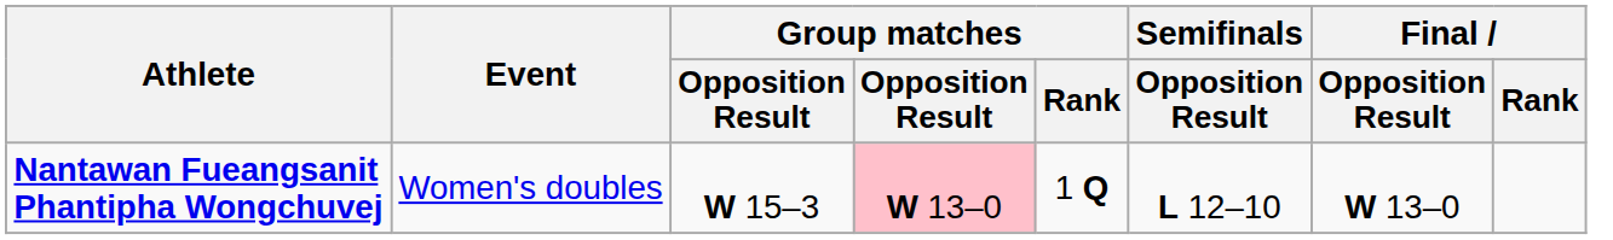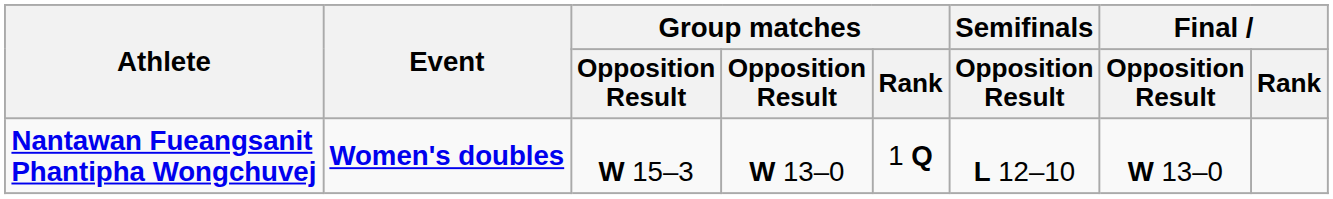 <table class="wikitable" style="font-size:90%">
 <tr>
 <th rowspan="2">Athlete</th>
 <th rowspan="2">Event</th>
 <th colspan="3">Group matches</th>
 <th>Semifinals</th>
 <th colspan=2>Final / </th>
 </tr>
 <tr style="font-size:95%">
 <th>Opposition<br>Result</th>
 <th>Opposition<br>Result</th>
 <th>Rank</th>
 <th>Opposition<br>Result</th>
 <th>Opposition<br>Result</th>
 <th>Rank</th>
 </tr>
 <tr align=center>
 <td align=left><strong><a href='#'>Nantawan Fueangsanit</a> <br><a href='#'>Phantipha Wongchuvej</a></strong></td>
-<td align=left><a href='#'>Women's doubles</a></td>
+<td align=left><strong><a href='#'>Women's doubles</a></strong></td>
 <td><br><strong>W</strong> 15–3</td>
-<td style="background: pink;"><br><strong>W</strong> 13–0</td>
+<td><br><strong>W</strong> 13–0</td>
 <td>1 <strong>Q</strong></td>
 <td><br><strong>L</strong> 12–10</td>
 <td><br><strong>W</strong> 13–0</td>
 <td></td>
 </tr>
 </table>
